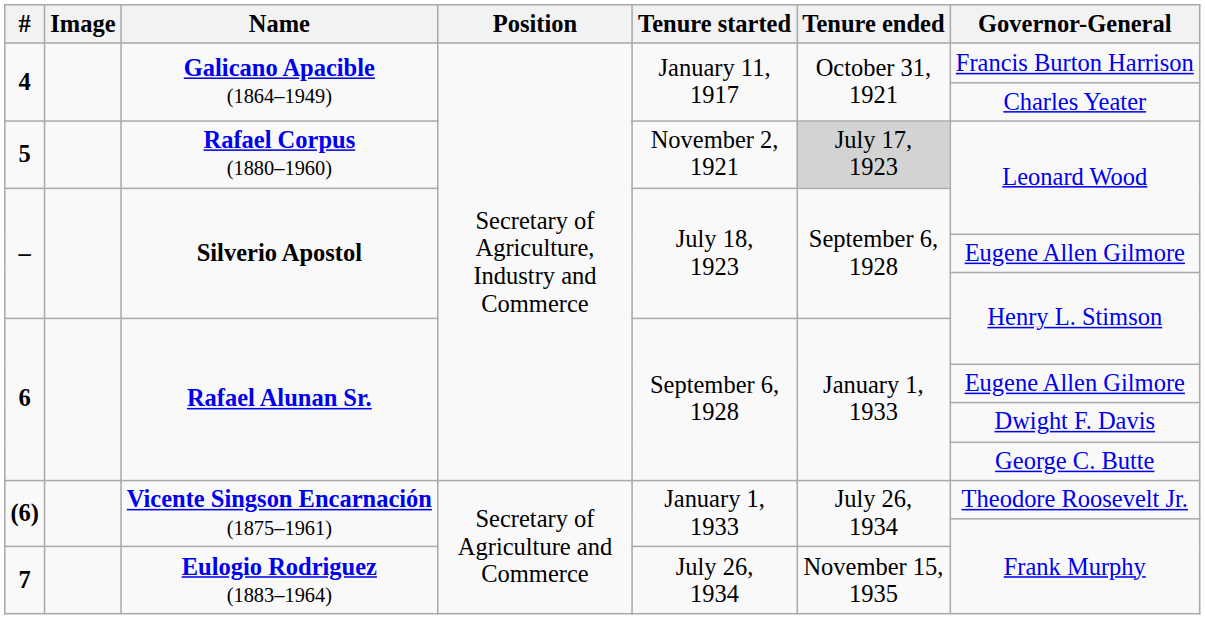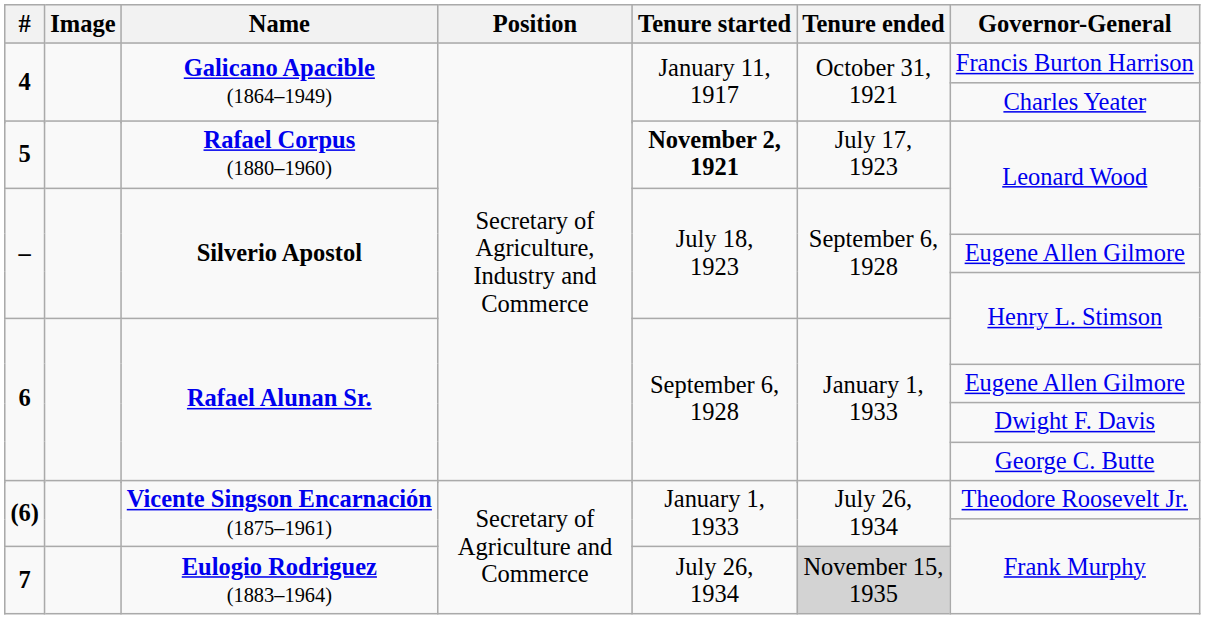 <table class="wikitable" style="text-align:center; border:1px #aaf solid;">
 <tr>
 <th>#</th>
 <th>Image</th>
 <th>Name</th>
 <th width=120px>Position</th>
 <th>Tenure started</th>
 <th>Tenure ended</th>
 <th>Governor-General</th>
 </tr>
 <tr>
 <td rowspan="3"><strong>4</strong></td>
 <td rowspan="3"></td>
 <td rowspan="3"><strong><a href='#'>Galicano Apacible</a></strong><br><small>(1864–1949)</small><br></td>
 <td rowspan="12">Secretary of Agriculture, Industry and Commerce</td>
 <td rowspan="3">January 11,<br>1917</td>
 <td rowspan="3">October 31,<br>1921</td>
 <td><a href='#'>Francis Burton Harrison</a></td>
 </tr>
 <tr>
 <td><a href='#'>Charles Yeater</a></td>
 </tr>
 <tr>
 <td rowspan="3"><a href='#'>Leonard Wood</a></td>
 </tr>
 <tr>
 <td><strong>5</strong></td>
 <td></td>
 <td><strong><a href='#'>Rafael Corpus</a></strong><br><small>(1880–1960)</small><br></td>
-<td>November 2,<br>1921</td>
-<td style="background: lightgrey;">July 17,<br>1923</td>
+<td><strong>November 2,<br>1921</strong></td>
+<td>July 17,<br>1923</td>
 </tr>
 <tr style="height:30px;">
 <td rowspan="3"><strong>–</strong></td>
 <td rowspan="3"></td>
 <td rowspan="3"><strong>Silverio Apostol</strong><br></td>
 <td rowspan="3">July 18,<br>1923</td>
 <td rowspan="3">September 6,<br>1928</td>
 </tr>
 <tr>
 <td><a href='#'>Eugene Allen Gilmore</a></td>
 </tr>
 <tr style="height:30px;">
 <td rowspan="2"><a href='#'>Henry L. Stimson</a></td>
 </tr>
 <tr style="height:30px;">
 <td rowspan="5"><strong>6</strong></td>
 <td rowspan="5"></td>
 <td rowspan="5"><strong><a href='#'>Rafael Alunan Sr.</a></strong><br></td>
 <td rowspan="5">September 6,<br>1928</td>
 <td rowspan="5">January 1,<br>1933</td>
 </tr>
 <tr>
 <td><a href='#'>Eugene Allen Gilmore</a></td>
 </tr>
 <tr>
 <td><a href='#'>Dwight F. Davis</a></td>
 </tr>
 <tr>
 <td><a href='#'>George C. Butte</a></td>
 </tr>
 <tr>
 <td rowspan="2"><a href='#'>Theodore Roosevelt Jr.</a></td>
 </tr>
 <tr>
 <td rowspan="2"><strong>(6)</strong></td>
 <td rowspan="2"></td>
 <td rowspan="2"><strong><a href='#'>Vicente Singson Encarnación</a></strong><br><small>(1875–1961)</small></td>
 <td rowspan="3">Secretary of Agriculture and Commerce</td>
 <td rowspan="2">January 1,<br>1933</td>
 <td rowspan="2">July 26,<br>1934</td>
 </tr>
 <tr>
 <td rowspan="2"><a href='#'>Frank Murphy</a></td>
 </tr>
 <tr>
 <td><strong>7</strong></td>
 <td></td>
 <td><strong><a href='#'>Eulogio Rodriguez</a></strong><br><small>(1883–1964)</small></td>
 <td>July 26,<br>1934</td>
-<td>November 15,<br>1935</td>
+<td style="background: lightgrey;">November 15,<br>1935</td>
 </tr>
 </table>
